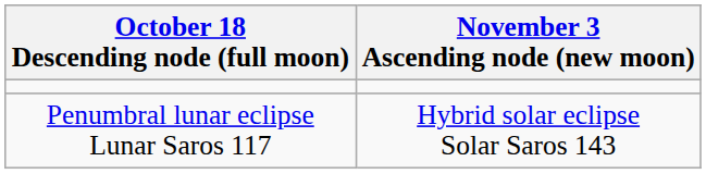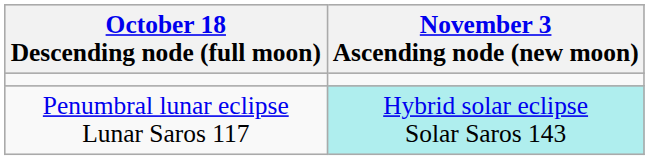 <table class="wikitable">
 <tr>
 <th><a href='#'>October 18</a><br>Descending node (full moon)<br></th>
 <th><a href='#'>November 3</a><br>Ascending node (new moon)<br></th>
 </tr>
 <tr>
 <td></td>
 <td></td>
 </tr>
 <tr align=center>
 <td><a href='#'>Penumbral lunar eclipse</a><br>Lunar Saros 117</td>
-<td><a href='#'>Hybrid solar eclipse</a><br>Solar Saros 143</td>
+<td style="background: paleturquoise;"><a href='#'>Hybrid solar eclipse</a><br>Solar Saros 143</td>
 </tr>
 </table>
